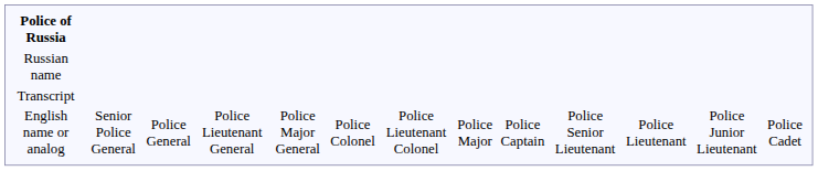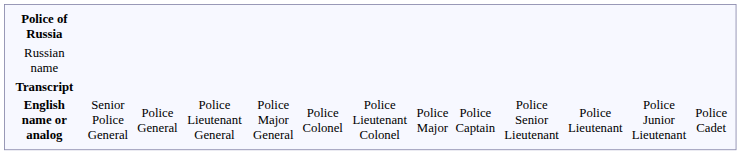 <table style="border:1px solid #8888aa; background-color:#f7f8ff; padding:5px; font-size:95%; margin: 0px 12px 12px 0px;">
 <tr style="text-align:center;">
 <td> <strong>Police of Russia</strong></td>
 <td colspan=2 rowspan=4></td>
 <td colspan=2></td>
 <td colspan=2></td>
 <td colspan=2></td>
 <td colspan=2></td>
 <td colspan=2></td>
 <td colspan=2></td>
 <td colspan=2></td>
 <td colspan=2></td>
 <td colspan=2></td>
 <td colspan=2></td>
 <td colspan=2></td>
 <td colspan=12></td>
 </tr>
 <tr style="text-align:center;">
 <td>Russian name</td>
 <td colspan=2></td>
 <td colspan=2></td>
 <td colspan=2></td>
 <td colspan=2></td>
 <td colspan=2></td>
 <td colspan=2></td>
 <td colspan=2></td>
 <td colspan=2></td>
 <td colspan=2></td>
 <td colspan=2></td>
 <td colspan=2></td>
 <td colspan=12></td>
 </tr>
 <tr style="text-align:center;">
-<td>Transcript</td>
+<td><strong>Transcript</strong></td>
 <td colspan=2></td>
 <td colspan=2></td>
 <td colspan=2></td>
 <td colspan=2></td>
 <td colspan=2></td>
 <td colspan=2></td>
 <td colspan=2></td>
 <td colspan=2></td>
 <td colspan=2></td>
 <td colspan=2></td>
 <td colspan=2></td>
 <td colspan=12></td>
 </tr>
 <tr style="text-align:center;">
-<td>English name or analog</td>
+<td><strong>English name or analog</strong></td>
 <td colspan=2>Senior Police General</td>
 <td colspan=2>Police General</td>
 <td colspan=2>Police Lieutenant General</td>
 <td colspan=2>Police Major General</td>
 <td colspan=2>Police Colonel</td>
 <td colspan=2>Police Lieutenant Colonel</td>
 <td colspan=2>Police Major</td>
 <td colspan=2>Police Captain</td>
 <td colspan=2>Police Senior Lieutenant</td>
 <td colspan=2>Police Lieutenant</td>
 <td colspan=2>Police Junior Lieutenant</td>
 <td colspan=12>Police Cadet</td>
 </tr>
 </table>
